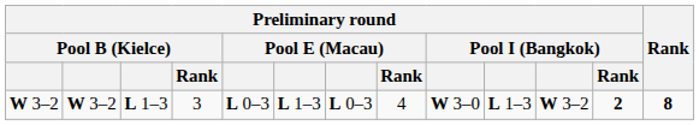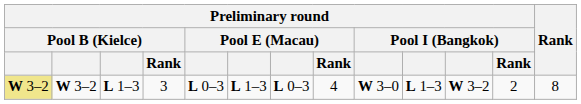 <table class="wikitable" style="font-size:100%;">
 <tr>
 <th colspan=12>Preliminary round</th>
 <th rowspan=3>Rank</th>
 </tr>
 <tr>
 <th colspan=4>Pool B (Kielce)</th>
 <th colspan=4>Pool E (Macau)</th>
 <th colspan=4>Pool I (Bangkok)</th>
 </tr>
 <tr>
 <th></th>
 <th></th>
 <th></th>
 <th>Rank</th>
 <th></th>
 <th></th>
 <th></th>
 <th>Rank</th>
 <th></th>
 <th></th>
 <th></th>
 <th>Rank</th>
 </tr>
 <tr align=center>
-<td><strong>W</strong> 3–2</td>
+<td style="background: khaki;"><strong>W</strong> 3–2</td>
 <td><strong>W</strong> 3–2</td>
 <td><strong>L</strong> 1–3</td>
 <td>3</td>
 <td><strong>L</strong> 0–3</td>
 <td><strong>L</strong> 1–3</td>
 <td><strong>L</strong> 0–3</td>
 <td>4</td>
 <td><strong>W</strong> 3–0</td>
 <td><strong>L</strong> 1–3</td>
 <td><strong>W</strong> 3–2</td>
-<td><strong>2</strong></td>
-<td><strong>8</strong></td>
+<td>2</td>
+<td>8</td>
 </tr>
 </table>
